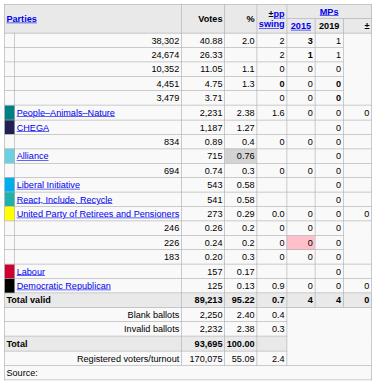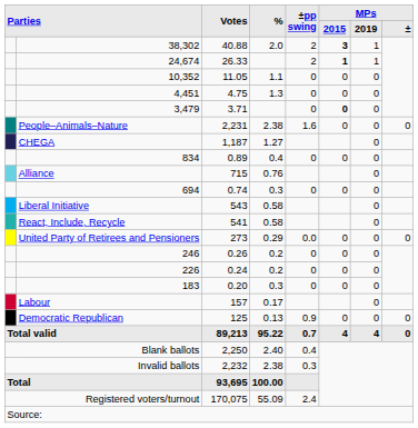 <table class="wikitable" style="text-align:right; font-size:95%;">
 <tr>
 <th rowspan="2" colspan="2" style="background:#e9e9e9; text-align:left;" alignleft><a href='#'>Parties</a></th>
 <th rowspan="2" style="background:#e9e9e9; text-align:right;">Votes</th>
 <th rowspan="2" style="background:#e9e9e9; text-align:right;">%</th>
 <th rowspan="2" style="background:#e9e9e9; text-align:right;">±<a href='#'>pp</a> <a href='#'>swing</a></th>
 <th colspan="3" style="background:#e9e9e9; text-align:center;"><a href='#'>MPs</a></th>
 </tr>
 <tr style="background-color:#E9E9E9">
 <th style="background-color:#E9E9E9;text-align:center;"><a href='#'>2015</a></th>
 <th style="background-color:#E9E9E9;text-align:center;">2019</th>
 <th style="background:#e9e9e9; text-align:right;">±</th>
 </tr>
 <tr>
 <td></td>
 <td>38,302</td>
 <td>40.88</td>
 <td>2.0</td>
 <td>2</td>
 <td><strong>3</strong></td>
 <td>1</td>
 </tr>
 <tr>
 <td></td>
 <td>24,674</td>
 <td>26.33</td>
 <td></td>
 <td>2</td>
 <td><strong>1</strong></td>
 <td>1</td>
 </tr>
 <tr>
 <td></td>
 <td>10,352</td>
 <td>11.05</td>
 <td>1.1</td>
 <td>0</td>
 <td>0</td>
 <td>0</td>
 </tr>
 <tr>
 <td></td>
 <td>4,451</td>
 <td>4.75</td>
 <td>1.3</td>
-<td><strong>0</strong></td>
 <td>0</td>
-<td><strong>0</strong></td>
+<td>0</td>
+<td>0</td>
 </tr>
 <tr>
 <td></td>
 <td>3,479</td>
 <td>3.71</td>
 <td></td>
 <td>0</td>
+<td><strong>0</strong></td>
 <td>0</td>
-<td><strong>0</strong></td>
 </tr>
 <tr>
 <td style="width: 10px" bgcolor="teal" align="center"></td>
 <td align="left"><a href='#'>People–Animals–Nature</a></td>
 <td>2,231</td>
 <td>2.38</td>
 <td>1.6</td>
 <td>0</td>
 <td>0</td>
 <td>0</td>
 </tr>
 <tr>
 <td style="width: 10px" bgcolor="#202056" align="center"></td>
 <td align="left"><a href='#'>CHEGA</a></td>
 <td>1,187</td>
 <td>1.27</td>
 <td></td>
 <td></td>
 <td>0</td>
 <td></td>
 </tr>
 <tr>
 <td></td>
 <td>834</td>
 <td>0.89</td>
 <td>0.4</td>
 <td>0</td>
 <td>0</td>
 <td>0</td>
 </tr>
 <tr>
 <td style="width: 10px" bgcolor="#6AD1E3" align="center"></td>
 <td align="left"><a href='#'>Alliance</a></td>
 <td>715</td>
-<td style="background: lightgrey;">0.76</td>
+<td>0.76</td>
 <td></td>
 <td></td>
 <td>0</td>
 <td></td>
 </tr>
 <tr>
 <td></td>
 <td>694</td>
 <td>0.74</td>
 <td>0.3</td>
 <td>0</td>
 <td>0</td>
 <td>0</td>
 </tr>
 <tr>
 <td style="width: 10px" bgcolor="#00ADEF" align="center"></td>
 <td align="left"><a href='#'>Liberal Initiative</a></td>
 <td>543</td>
 <td>0.58</td>
 <td></td>
 <td></td>
 <td>0</td>
 <td></td>
 </tr>
 <tr>
 <td style="width: 10px" bgcolor=LightSeaGreen align="center"></td>
 <td align=left><a href='#'>React, Include, Recycle</a></td>
 <td>541</td>
 <td>0.58</td>
 <td></td>
 <td></td>
 <td>0</td>
 <td></td>
 </tr>
 <tr>
 <td style="width: 10px" bgcolor=yellow align="center"></td>
 <td align=left><a href='#'>United Party of Retirees and Pensioners</a></td>
 <td>273</td>
 <td>0.29</td>
 <td>0.0</td>
 <td>0</td>
 <td>0</td>
 <td>0</td>
 </tr>
 <tr>
 <td></td>
 <td>246</td>
 <td>0.26</td>
 <td>0.2</td>
 <td>0</td>
 <td>0</td>
 <td>0</td>
 </tr>
 <tr>
 <td></td>
 <td>226</td>
 <td>0.24</td>
 <td>0.2</td>
 <td>0</td>
-<td style="background: pink;">0</td>
+<td>0</td>
 <td>0</td>
 </tr>
 <tr>
 <td></td>
 <td>183</td>
 <td>0.20</td>
 <td>0.3</td>
 <td>0</td>
 <td>0</td>
 <td>0</td>
 </tr>
 <tr>
 <td style="width: 10px" bgcolor=#CC0033 align="center"></td>
 <td align=left><a href='#'>Labour</a></td>
 <td>157</td>
 <td>0.17</td>
 <td></td>
 <td></td>
 <td>0</td>
 <td></td>
 </tr>
 <tr>
 <td style="width: 10px" bgcolor=black align="center"></td>
 <td align=left><a href='#'>Democratic Republican</a></td>
 <td>125</td>
 <td>0.13</td>
 <td>0.9</td>
 <td>0</td>
 <td>0</td>
 <td>0</td>
 </tr>
 <tr>
 <td colspan=2 align=left style="background-color:#E9E9E9"><strong>Total valid</strong></td>
 <td width="65" align="right" style="background-color:#E9E9E9"><strong>89,213</strong></td>
 <td width="40" align="right" style="background-color:#E9E9E9"><strong>95.22</strong></td>
 <td width="40" align="right" style="background-color:#E9E9E9"><strong>0.7</strong></td>
 <td width="40" align="right" style="background-color:#E9E9E9"><strong>4</strong></td>
 <td width="40" align="right" style="background-color:#E9E9E9"><strong>4</strong></td>
 <td width="40" align="right" style="background-color:#E9E9E9"><strong>0</strong></td>
 </tr>
 <tr>
 <td colspan=2>Blank ballots</td>
 <td>2,250</td>
 <td>2.40</td>
 <td>0.4</td>
 <td colspan=4 rowspan=4></td>
 </tr>
 <tr>
 <td colspan=2>Invalid ballots</td>
 <td>2,232</td>
 <td>2.38</td>
 <td>0.3</td>
 </tr>
 <tr>
 <td colspan=2 width="259" align=left style="background-color:#E9E9E9"><strong>Total</strong></td>
 <td width="50" align="right" style="background-color:#E9E9E9"><strong>93,695</strong></td>
 <td width="40" align="right" style="background-color:#E9E9E9"><strong>100.00</strong></td>
 <td width="40" align="right" style="background-color:#E9E9E9"></td>
 </tr>
 <tr>
 <td colspan=2>Registered voters/turnout</td>
 <td>170,075</td>
 <td>55.09</td>
 <td>2.4</td>
 </tr>
 <tr>
 <td colspan=11 align=left>Source: </td>
 </tr>
 </table>
